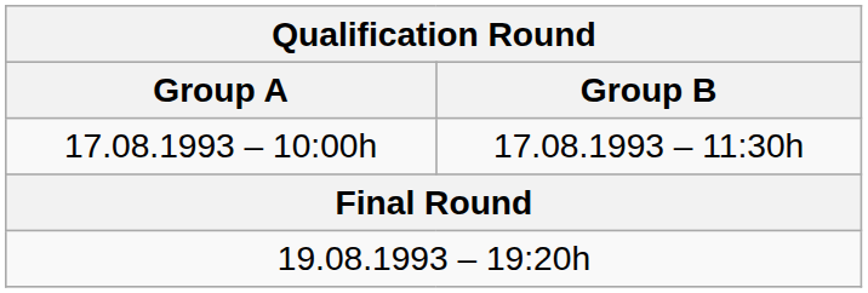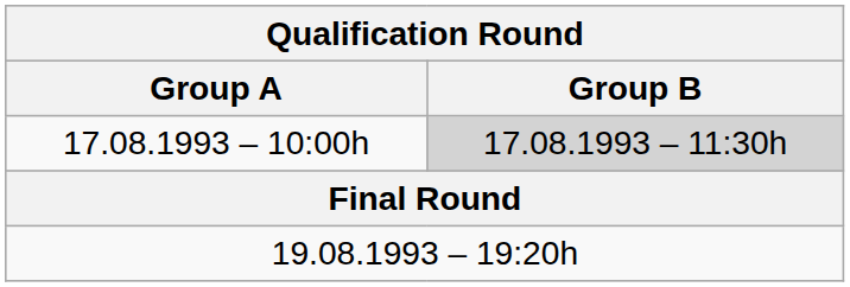 <table class="wikitable" style=" text-align:center; font-size:110%;" width="35%">
 <tr>
 <th colspan="2">Qualification Round</th>
 </tr>
 <tr>
 <th>Group A</th>
 <th>Group B</th>
 </tr>
 <tr>
 <td>17.08.1993 – 10:00h</td>
-<td>17.08.1993 – 11:30h</td>
+<td style="background: lightgrey;">17.08.1993 – 11:30h</td>
 </tr>
 <tr>
 <th colspan="2">Final Round</th>
 </tr>
 <tr>
 <td colspan="2">19.08.1993 – 19:20h</td>
 </tr>
 </table>
